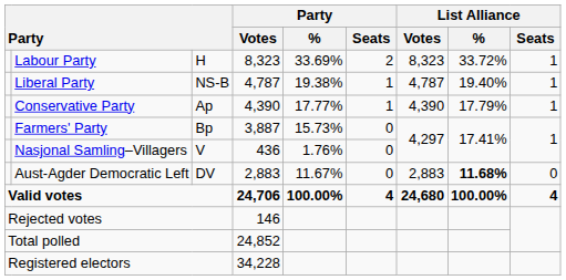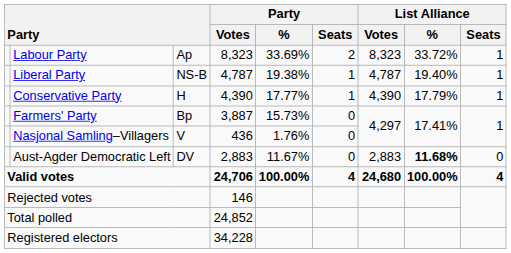 <table class="wikitable" border="1" style="text-align:right;">
 <tr>
 <th style="text-align:left;" valign=bottom rowspan=2 colspan=3>Party</th>
 <th colspan=3>Party</th>
 <th colspan=3>List Alliance</th>
 </tr>
 <tr>
 <th align=center valign=bottom width="50">Votes</th>
 <th align=center valign=bottom width="50">%</th>
 <th align=center valign=bottom width="50">Seats</th>
 <th align=center valign=bottom width="50">Votes</th>
 <th align=center valign=bottom width="50">%</th>
 <th align=center valign=bottom width="50">Seats</th>
 </tr>
 <tr>
 <td style="color:inherit;background:"></td>
 <td align=left><a href='#'>Labour Party</a></td>
-<td align=left>H</td>
+<td align=left>Ap</td>
 <td>8,323</td>
 <td>33.69%</td>
 <td>2</td>
 <td>8,323</td>
 <td>33.72%</td>
 <td>1</td>
 </tr>
 <tr>
 <td style="color:inherit;background:"></td>
 <td align=left><a href='#'>Liberal Party</a></td>
 <td align=left>NS-B</td>
 <td>4,787</td>
 <td>19.38%</td>
 <td>1</td>
 <td>4,787</td>
 <td>19.40%</td>
 <td>1</td>
 </tr>
 <tr>
 <td style="color:inherit;background:"></td>
 <td align=left><a href='#'>Conservative Party</a></td>
-<td align=left>Ap</td>
+<td align=left>H</td>
 <td>4,390</td>
 <td>17.77%</td>
 <td>1</td>
 <td>4,390</td>
 <td>17.79%</td>
 <td>1</td>
 </tr>
 <tr>
 <td style="color:inherit;background:"></td>
 <td align=left><a href='#'>Farmers' Party</a></td>
 <td align=left>Bp</td>
 <td>3,887</td>
 <td>15.73%</td>
 <td>0</td>
 <td rowspan=2>4,297</td>
 <td rowspan=2>17.41%</td>
 <td rowspan=2>1</td>
 </tr>
 <tr>
 <td></td>
 <td align=left><a href='#'>Nasjonal Samling</a>–Villagers</td>
 <td align=left>V</td>
 <td>436</td>
 <td>1.76%</td>
 <td>0</td>
 </tr>
 <tr>
 <td></td>
 <td align=left>Aust-Agder Democratic Left</td>
 <td align=left>DV</td>
 <td>2,883</td>
 <td>11.67%</td>
 <td>0</td>
 <td>2,883</td>
 <td><strong>11.68%</strong></td>
 <td>0</td>
 </tr>
 <tr style="font-weight:bold">
 <td align=left colspan=3>Valid votes</td>
 <td>24,706</td>
 <td>100.00%</td>
 <td>4</td>
 <td>24,680</td>
 <td>100.00%</td>
 <td>4</td>
 </tr>
 <tr>
 <td align=left colspan=3>Rejected votes</td>
 <td>146</td>
 <td></td>
 <td></td>
 <td></td>
 <td></td>
 </tr>
 <tr>
 <td align=left colspan=3>Total polled</td>
 <td>24,852</td>
 <td></td>
 <td></td>
 <td></td>
 <td></td>
 </tr>
 <tr>
 <td align=left colspan=3>Registered electors</td>
 <td>34,228</td>
 <td></td>
 <td></td>
 <td></td>
 <td></td>
 <td></td>
 </tr>
 </table>
